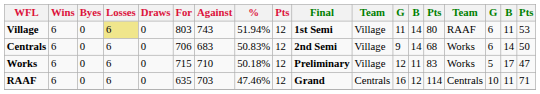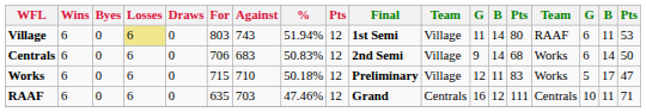 <table class="wikitable">
 <tr>
 <th style="color:crimson">WFL</th>
 <th style="color:crimson">Wins</th>
 <th style="color:crimson">Byes</th>
 <th style="color:crimson">Losses</th>
 <th style="color:crimson">Draws</th>
 <th style="color:crimson">For</th>
 <th style="color:crimson">Against</th>
 <th style="color:crimson">%</th>
 <th style="color:crimson">Pts</th>
 <th style="color:green">Final</th>
 <th style="color:green">Team</th>
 <th style="color:green">G</th>
 <th style="color:green">B</th>
 <th style="color:green">Pts</th>
 <th style="color:green">Team</th>
 <th style="color:green">G</th>
 <th style="color:green">B</th>
 <th style="color:green">Pts</th>
 </tr>
 <tr>
 <td><strong>	Village	</strong></td>
 <td>6</td>
 <td>0</td>
 <td style="background: khaki;">6</td>
 <td>0</td>
 <td>803</td>
 <td>743</td>
 <td>51.94%</td>
 <td>12</td>
 <td><strong>1st Semi</strong></td>
 <td>Village</td>
 <td>11</td>
 <td>14</td>
 <td>80</td>
 <td>RAAF</td>
 <td>6</td>
 <td>11</td>
 <td>53</td>
 </tr>
 <tr>
 <td><strong>	Centrals	</strong></td>
 <td>6</td>
 <td>0</td>
 <td>6</td>
 <td>0</td>
 <td>706</td>
 <td>683</td>
 <td>50.83%</td>
 <td>12</td>
 <td><strong>2nd Semi</strong></td>
 <td>Village</td>
 <td>9</td>
 <td>14</td>
 <td>68</td>
 <td>Works</td>
 <td>6</td>
 <td>14</td>
 <td>50</td>
 </tr>
 <tr>
 <td><strong>	Works	</strong></td>
 <td>6</td>
 <td>0</td>
 <td>6</td>
 <td>0</td>
 <td>715</td>
 <td>710</td>
 <td>50.18%</td>
 <td>12</td>
 <td><strong>Preliminary</strong></td>
 <td>Village</td>
 <td>12</td>
 <td>11</td>
 <td>83</td>
 <td>Works</td>
 <td>5</td>
 <td>17</td>
 <td>47</td>
 </tr>
 <tr>
 <td><strong>	RAAF	</strong></td>
 <td>6</td>
 <td>0</td>
 <td>6</td>
 <td>0</td>
 <td>635</td>
 <td>703</td>
 <td>47.46%</td>
 <td>12</td>
 <td><strong>Grand</strong></td>
 <td>Centrals</td>
 <td>16</td>
 <td>12</td>
-<td>114</td>
+<td>111</td>
 <td>Centrals</td>
 <td>10</td>
 <td>11</td>
 <td>71</td>
 </tr>
 <tr>
 </tr>
 </table>
